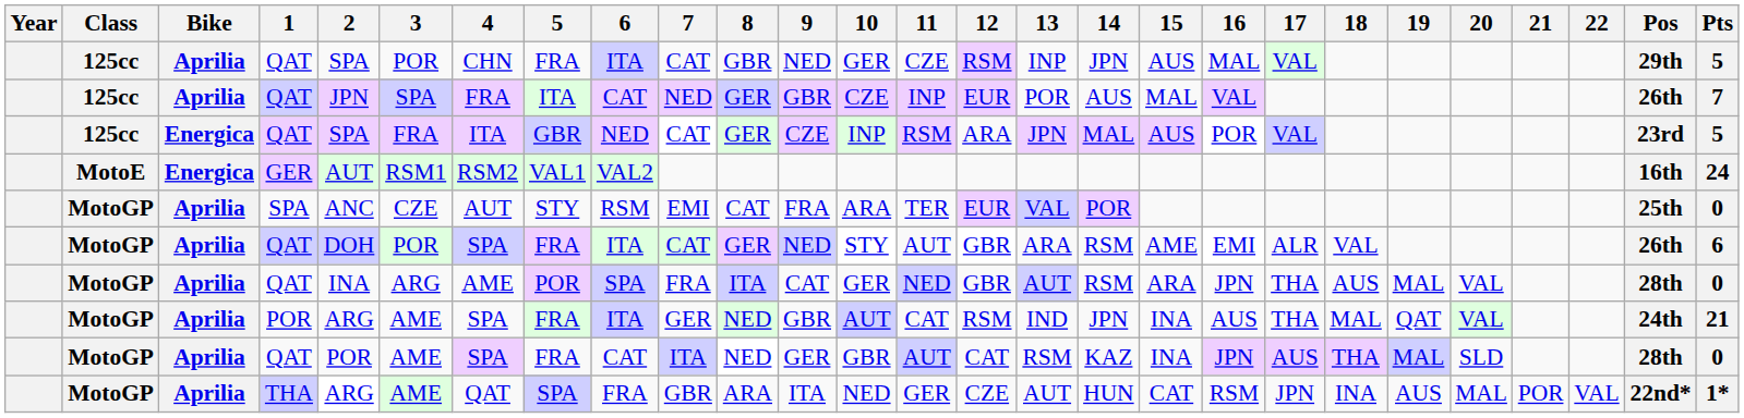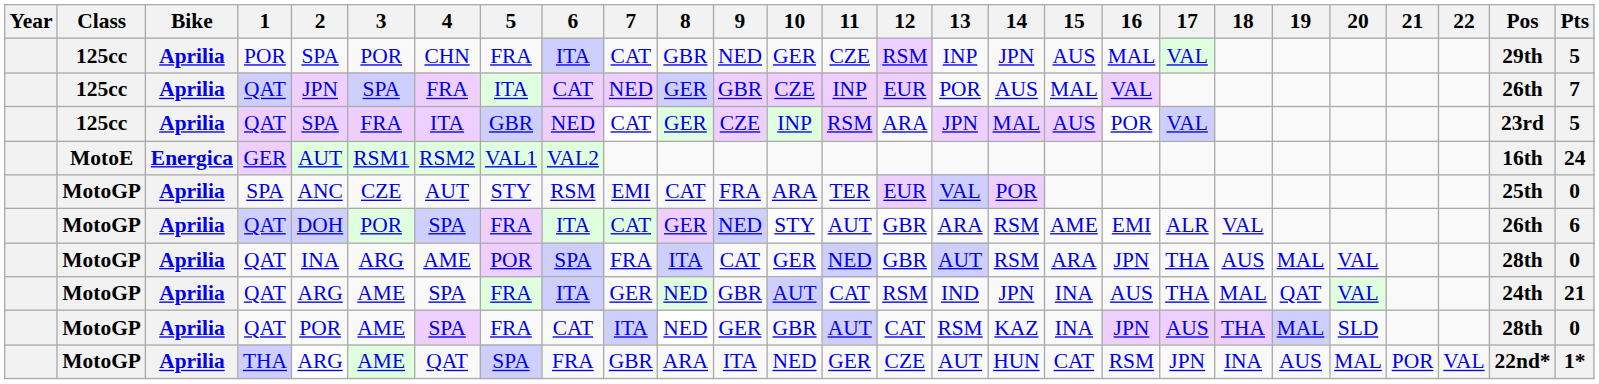 <table class="wikitable" style="text-align:center;">
 <tr>
 <th>Year</th>
 <th>Class</th>
 <th>Bike</th>
 <th>1</th>
 <th>2</th>
 <th>3</th>
 <th>4</th>
 <th>5</th>
 <th>6</th>
 <th>7</th>
 <th>8</th>
 <th>9</th>
 <th>10</th>
 <th>11</th>
 <th>12</th>
 <th>13</th>
 <th>14</th>
 <th>15</th>
 <th>16</th>
 <th>17</th>
 <th>18</th>
 <th>19</th>
 <th>20</th>
 <th>21</th>
 <th>22</th>
 <th>Pos</th>
 <th>Pts</th>
 </tr>
 <tr>
 <th></th>
 <th>125cc</th>
 <th><a href='#'>Aprilia</a></th>
-<td><a href='#'>QAT</a></td>
+<td><a href='#'>POR</a></td>
 <td><a href='#'>SPA</a></td>
 <td><a href='#'>POR</a></td>
 <td><a href='#'>CHN</a></td>
 <td><a href='#'>FRA</a></td>
 <td style="background:#CFCFFF;"><a href='#'>ITA</a><br></td>
 <td><a href='#'>CAT</a></td>
 <td><a href='#'>GBR</a></td>
 <td><a href='#'>NED</a></td>
 <td><a href='#'>GER</a></td>
 <td><a href='#'>CZE</a></td>
 <td style="background:#EFCFFF;"><a href='#'>RSM</a><br></td>
 <td><a href='#'>INP</a></td>
 <td><a href='#'>JPN</a></td>
 <td><a href='#'>AUS</a></td>
 <td><a href='#'>MAL</a></td>
 <td style="background:#DFFFDF;"><a href='#'>VAL</a><br></td>
 <td></td>
 <td></td>
 <td></td>
 <td></td>
 <td></td>
 <th>29th</th>
 <th>5</th>
 </tr>
 <tr>
 <th></th>
 <th>125cc</th>
 <th><a href='#'>Aprilia</a></th>
 <td style="background:#CFCFFF;"><a href='#'>QAT</a><br></td>
 <td style="background:#EFCFFF;"><a href='#'>JPN</a><br></td>
 <td style="background:#CFCFFF;"><a href='#'>SPA</a><br></td>
 <td style="background:#EFCFFF;"><a href='#'>FRA</a><br></td>
 <td style="background:#DFFFDF;"><a href='#'>ITA</a><br></td>
 <td style="background:#EFCFFF;"><a href='#'>CAT</a><br></td>
 <td style="background:#EFCFFF;"><a href='#'>NED</a><br></td>
 <td style="background:#CFCFFF;"><a href='#'>GER</a><br></td>
 <td style="background:#EFCFFF;"><a href='#'>GBR</a><br></td>
 <td style="background:#EFCFFF;"><a href='#'>CZE</a><br></td>
 <td style="background:#EFCFFF;"><a href='#'>INP</a><br></td>
 <td style="background:#EFCFFF;"><a href='#'>EUR</a><br></td>
 <td><a href='#'>POR</a></td>
 <td><a href='#'>AUS</a></td>
 <td><a href='#'>MAL</a></td>
 <td style="background:#EFCFFF;"><a href='#'>VAL</a><br></td>
 <td></td>
 <td></td>
 <td></td>
 <td></td>
 <td></td>
 <td></td>
 <th>26th</th>
 <th>7</th>
 </tr>
 <tr>
 <th></th>
 <th>125cc</th>
-<th><a href='#'>Energica</a></th>
+<th><a href='#'>Aprilia</a></th>
 <td style="background:#EFCFFF;"><a href='#'>QAT</a><br></td>
 <td style="background:#EFCFFF;"><a href='#'>SPA</a><br></td>
 <td style="background:#EFCFFF;"><a href='#'>FRA</a><br></td>
 <td style="background:#EFCFFF;"><a href='#'>ITA</a><br></td>
 <td style="background:#CFCFFF;"><a href='#'>GBR</a><br></td>
 <td style="background:#EFCFFF;"><a href='#'>NED</a><br></td>
 <td style="background:#FFFFFF;"><a href='#'>CAT</a><br></td>
 <td style="background:#DFFFDF;"><a href='#'>GER</a><br></td>
 <td style="background:#EFCFFF;"><a href='#'>CZE</a><br></td>
 <td style="background:#DFFFDF;"><a href='#'>INP</a><br></td>
 <td style="background:#EFCFFF;"><a href='#'>RSM</a><br></td>
 <td><a href='#'>ARA</a></td>
 <td style="background:#EFCFFF;"><a href='#'>JPN</a><br></td>
 <td style="background:#EFCFFF;"><a href='#'>MAL</a><br></td>
 <td style="background:#EFCFFF;"><a href='#'>AUS</a><br></td>
 <td style="background:#FFFFFF;"><a href='#'>POR</a><br></td>
 <td style="background:#CFCFFF;"><a href='#'>VAL</a><br></td>
 <td></td>
 <td></td>
 <td></td>
 <td></td>
 <td></td>
 <th>23rd</th>
 <th>5</th>
 </tr>
 <tr>
 <th></th>
 <th>MotoE</th>
 <th><a href='#'>Energica</a></th>
 <td style="background:#EFCFFF;"><a href='#'>GER</a><br></td>
 <td style="background:#DFFFDF;"><a href='#'>AUT</a><br></td>
 <td style="background:#DFFFDF;"><a href='#'>RSM1</a><br></td>
 <td style="background:#DFFFDF;"><a href='#'>RSM2</a><br></td>
 <td style="background:#DFFFDF;"><a href='#'>VAL1</a><br></td>
 <td style="background:#DFFFDF;"><a href='#'>VAL2</a><br></td>
 <td></td>
 <td></td>
 <td></td>
 <td></td>
 <td></td>
 <td></td>
 <td></td>
 <td></td>
 <td></td>
 <td></td>
 <td></td>
 <td></td>
 <td></td>
 <td></td>
 <td></td>
 <td></td>
 <th>16th</th>
 <th>24</th>
 </tr>
 <tr>
 <th></th>
 <th>MotoGP</th>
 <th><a href='#'>Aprilia</a></th>
 <td><a href='#'>SPA</a></td>
 <td><a href='#'>ANC</a></td>
 <td><a href='#'>CZE</a></td>
 <td><a href='#'>AUT</a></td>
 <td><a href='#'>STY</a></td>
 <td><a href='#'>RSM</a></td>
 <td><a href='#'>EMI</a></td>
 <td><a href='#'>CAT</a></td>
 <td><a href='#'>FRA</a></td>
 <td><a href='#'>ARA</a></td>
 <td><a href='#'>TER</a></td>
 <td style="background:#EFCFFF;"><a href='#'>EUR</a><br></td>
 <td style="background:#CFCFFF;"><a href='#'>VAL</a><br></td>
 <td style="background:#EFCFFF;"><a href='#'>POR</a><br></td>
 <td></td>
 <td></td>
 <td></td>
 <td></td>
 <td></td>
 <td></td>
 <td></td>
 <td></td>
 <th>25th</th>
 <th>0</th>
 </tr>
 <tr>
 <th></th>
 <th>MotoGP</th>
 <th><a href='#'>Aprilia</a></th>
 <td style="background:#cfcfff;"><a href='#'>QAT</a><br></td>
 <td style="background:#cfcfff;"><a href='#'>DOH</a><br></td>
 <td style="background:#dfffdf;"><a href='#'>POR</a><br></td>
 <td style="background:#cfcfff;"><a href='#'>SPA</a><br></td>
 <td style="background:#efcfff;"><a href='#'>FRA</a><br></td>
 <td style="background:#dfffdf;"><a href='#'>ITA</a><br></td>
 <td style="background:#dfffdf;"><a href='#'>CAT</a><br></td>
 <td style="background:#efcfff;"><a href='#'>GER</a><br></td>
 <td style="background:#cfcfff;"><a href='#'>NED</a><br></td>
 <td style="background:#ffffff;"><a href='#'>STY</a><br></td>
 <td><a href='#'>AUT</a></td>
 <td style="background:#ffffff;"><a href='#'>GBR</a><br></td>
 <td><a href='#'>ARA</a></td>
 <td><a href='#'>RSM</a></td>
 <td><a href='#'>AME</a></td>
 <td style="background:#ffffff;"><a href='#'>EMI</a><br></td>
 <td><a href='#'>ALR</a></td>
 <td><a href='#'>VAL</a></td>
 <td></td>
 <td></td>
 <td></td>
 <td></td>
 <th>26th</th>
 <th>6</th>
 </tr>
 <tr>
 <th></th>
 <th>MotoGP</th>
 <th><a href='#'>Aprilia</a></th>
 <td><a href='#'>QAT</a></td>
 <td><a href='#'>INA</a></td>
 <td><a href='#'>ARG</a></td>
 <td><a href='#'>AME</a></td>
 <td style="background:#efcfff;"><a href='#'>POR</a><br></td>
 <td style="background:#cfcfff;"><a href='#'>SPA</a><br></td>
 <td><a href='#'>FRA</a></td>
 <td style="background:#cfcfff;"><a href='#'>ITA</a><br></td>
 <td><a href='#'>CAT</a></td>
 <td><a href='#'>GER</a></td>
 <td style="background:#cfcfff;"><a href='#'>NED</a><br></td>
 <td><a href='#'>GBR</a></td>
 <td style="background:#cfcfff;"><a href='#'>AUT</a><br></td>
 <td><a href='#'>RSM</a></td>
 <td><a href='#'>ARA</a></td>
 <td><a href='#'>JPN</a></td>
 <td><a href='#'>THA</a></td>
 <td><a href='#'>AUS</a></td>
 <td><a href='#'>MAL</a></td>
 <td><a href='#'>VAL</a></td>
 <td></td>
 <td></td>
 <th>28th</th>
 <th>0</th>
 </tr>
 <tr>
 <th></th>
 <th>MotoGP</th>
 <th><a href='#'>Aprilia</a></th>
-<td><a href='#'>POR</a></td>
+<td><a href='#'>QAT</a></td>
 <td><a href='#'>ARG</a></td>
 <td><a href='#'>AME</a></td>
 <td><a href='#'>SPA</a></td>
 <td style="background:#dfffdf;"><a href='#'>FRA</a><br></td>
 <td style="background:#cfcfff;"><a href='#'>ITA</a><br></td>
 <td><a href='#'>GER</a></td>
 <td style="background:#dfffdf;"><a href='#'>NED</a><br></td>
 <td><a href='#'>GBR</a></td>
 <td style="background:#cfcfff;"><a href='#'>AUT</a><br></td>
 <td><a href='#'>CAT</a></td>
 <td><a href='#'>RSM</a></td>
 <td><a href='#'>IND</a></td>
 <td><a href='#'>JPN</a></td>
 <td><a href='#'>INA</a></td>
 <td><a href='#'>AUS</a></td>
 <td><a href='#'>THA</a></td>
 <td><a href='#'>MAL</a></td>
 <td><a href='#'>QAT</a></td>
 <td style="background:#dfffdf;"><a href='#'>VAL</a><br></td>
 <td></td>
 <td></td>
 <th>24th</th>
 <th>21</th>
 </tr>
 <tr>
 <th></th>
 <th>MotoGP</th>
 <th><a href='#'>Aprilia</a></th>
 <td><a href='#'>QAT</a></td>
 <td><a href='#'>POR</a></td>
 <td><a href='#'>AME</a></td>
 <td style="background:#EFCFFF;"><a href='#'>SPA</a><br></td>
 <td><a href='#'>FRA</a></td>
 <td><a href='#'>CAT</a></td>
 <td style="background:#CFCFFF;"><a href='#'>ITA</a><br></td>
 <td style="background:#FFFFFF;"><a href='#'>NED</a><br></td>
 <td><a href='#'>GER</a></td>
 <td><a href='#'>GBR</a></td>
 <td style="background:#CFCFFF;"><a href='#'>AUT</a><br></td>
 <td><a href='#'>CAT</a></td>
 <td><a href='#'>RSM</a></td>
 <td><a href='#'>KAZ</a></td>
 <td><a href='#'>INA</a></td>
 <td style="background:#EFCFFF;"><a href='#'>JPN</a><br></td>
 <td style="background:#EFCFFF;"><a href='#'>AUS</a><br></td>
 <td style="background:#EFCFFF;"><a href='#'>THA</a><br></td>
 <td style="background:#CFCFFF;"><a href='#'>MAL</a><br></td>
 <td><a href='#'>SLD</a></td>
 <td></td>
 <td></td>
 <th>28th</th>
 <th>0</th>
 </tr>
 <tr>
 <th></th>
 <th>MotoGP</th>
 <th><a href='#'>Aprilia</a></th>
 <td style="background:#CFCFFF;"><a href='#'>THA</a><br></td>
 <td style="background:#FFFFFF;"><a href='#'>ARG</a><br></td>
 <td style="background:#DFFFDF;"><a href='#'>AME</a><br></td>
 <td><a href='#'>QAT</a></td>
 <td style="background:#CFCFFF;"><a href='#'>SPA</a><br></td>
 <td><a href='#'>FRA</a></td>
 <td><a href='#'>GBR</a></td>
 <td><a href='#'>ARA</a></td>
 <td><a href='#'>ITA</a></td>
 <td><a href='#'>NED</a></td>
 <td><a href='#'>GER</a></td>
 <td><a href='#'>CZE</a></td>
 <td><a href='#'>AUT</a></td>
 <td><a href='#'>HUN</a></td>
 <td><a href='#'>CAT</a></td>
 <td><a href='#'>RSM</a></td>
 <td><a href='#'>JPN</a></td>
 <td><a href='#'>INA</a></td>
 <td><a href='#'>AUS</a></td>
 <td><a href='#'>MAL</a></td>
 <td><a href='#'>POR</a></td>
 <td><a href='#'>VAL</a></td>
 <th>22nd*</th>
 <th>1*</th>
 </tr>
 </table>
